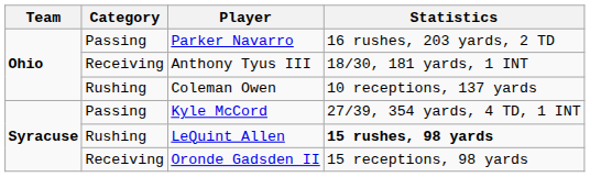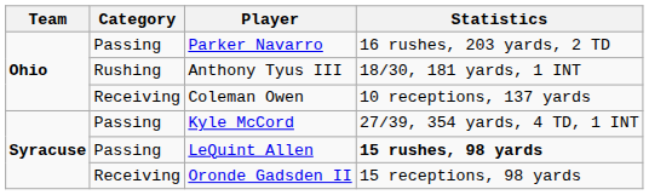 <table class="wikitable" style="float: right;">
 <tr>
 <th>Team</th>
 <th>Category</th>
 <th>Player</th>
 <th>Statistics</th>
 </tr>
 <tr>
 <td rowspan=3><strong>Ohio</strong></td>
 <td>Passing</td>
 <td><a href='#'>Parker Navarro</a></td>
 <td>16 rushes, 203 yards, 2 TD</td>
 </tr>
 <tr>
-<td>Receiving</td>
+<td>Rushing</td>
 <td>Anthony Tyus III</td>
 <td>18/30, 181 yards, 1 INT</td>
 </tr>
 <tr>
-<td>Rushing</td>
+<td>Receiving</td>
 <td>Coleman Owen</td>
 <td>10 receptions, 137 yards</td>
 </tr>
 <tr>
 <td rowspan=3><strong>Syracuse</strong></td>
 <td>Passing</td>
 <td><a href='#'>Kyle McCord</a></td>
 <td>27/39, 354 yards, 4 TD, 1 INT</td>
 </tr>
 <tr>
-<td>Rushing</td>
+<td>Passing</td>
 <td><a href='#'>LeQuint Allen</a></td>
 <td><strong>15 rushes, 98 yards</strong></td>
 </tr>
 <tr>
 <td>Receiving</td>
 <td><a href='#'>Oronde Gadsden II</a></td>
 <td>15 receptions, 98 yards</td>
 </tr>
 </table>
